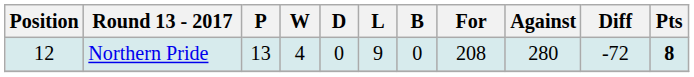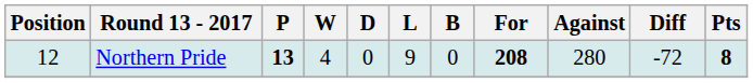 <table class="wikitable" style="text-align:center; font-size:85%;">
 <tr>
 <th width=40 abbr="Position">Position</th>
 <th width=100>Round 13 - 2017</th>
 <th width=20 abbr="Played">P</th>
 <th width=20 abbr="Won">W</th>
 <th width=20 abbr="Drawn">D</th>
 <th width=20 abbr="Lost">L</th>
 <th width=20 abbr="Bye">B</th>
 <th width=40 abbr="Points for">For</th>
 <th width=40 abbr="Points against">Against</th>
 <th width=40 abbr="Points difference">Diff</th>
 <th width=20 abbr="Points">Pts</th>
 </tr>
 <tr style="background: #d7ebed;">
 <td>12</td>
 <td style="text-align:left;"> <a href='#'>Northern Pride</a></td>
-<td>13</td>
+<td><strong>13</strong></td>
 <td>4</td>
 <td>0</td>
 <td>9</td>
 <td>0</td>
-<td>208</td>
+<td><strong>208</strong></td>
 <td>280</td>
 <td>-72</td>
 <td><strong>8</strong></td>
 </tr>
 <tr>
 </tr>
 </table>
